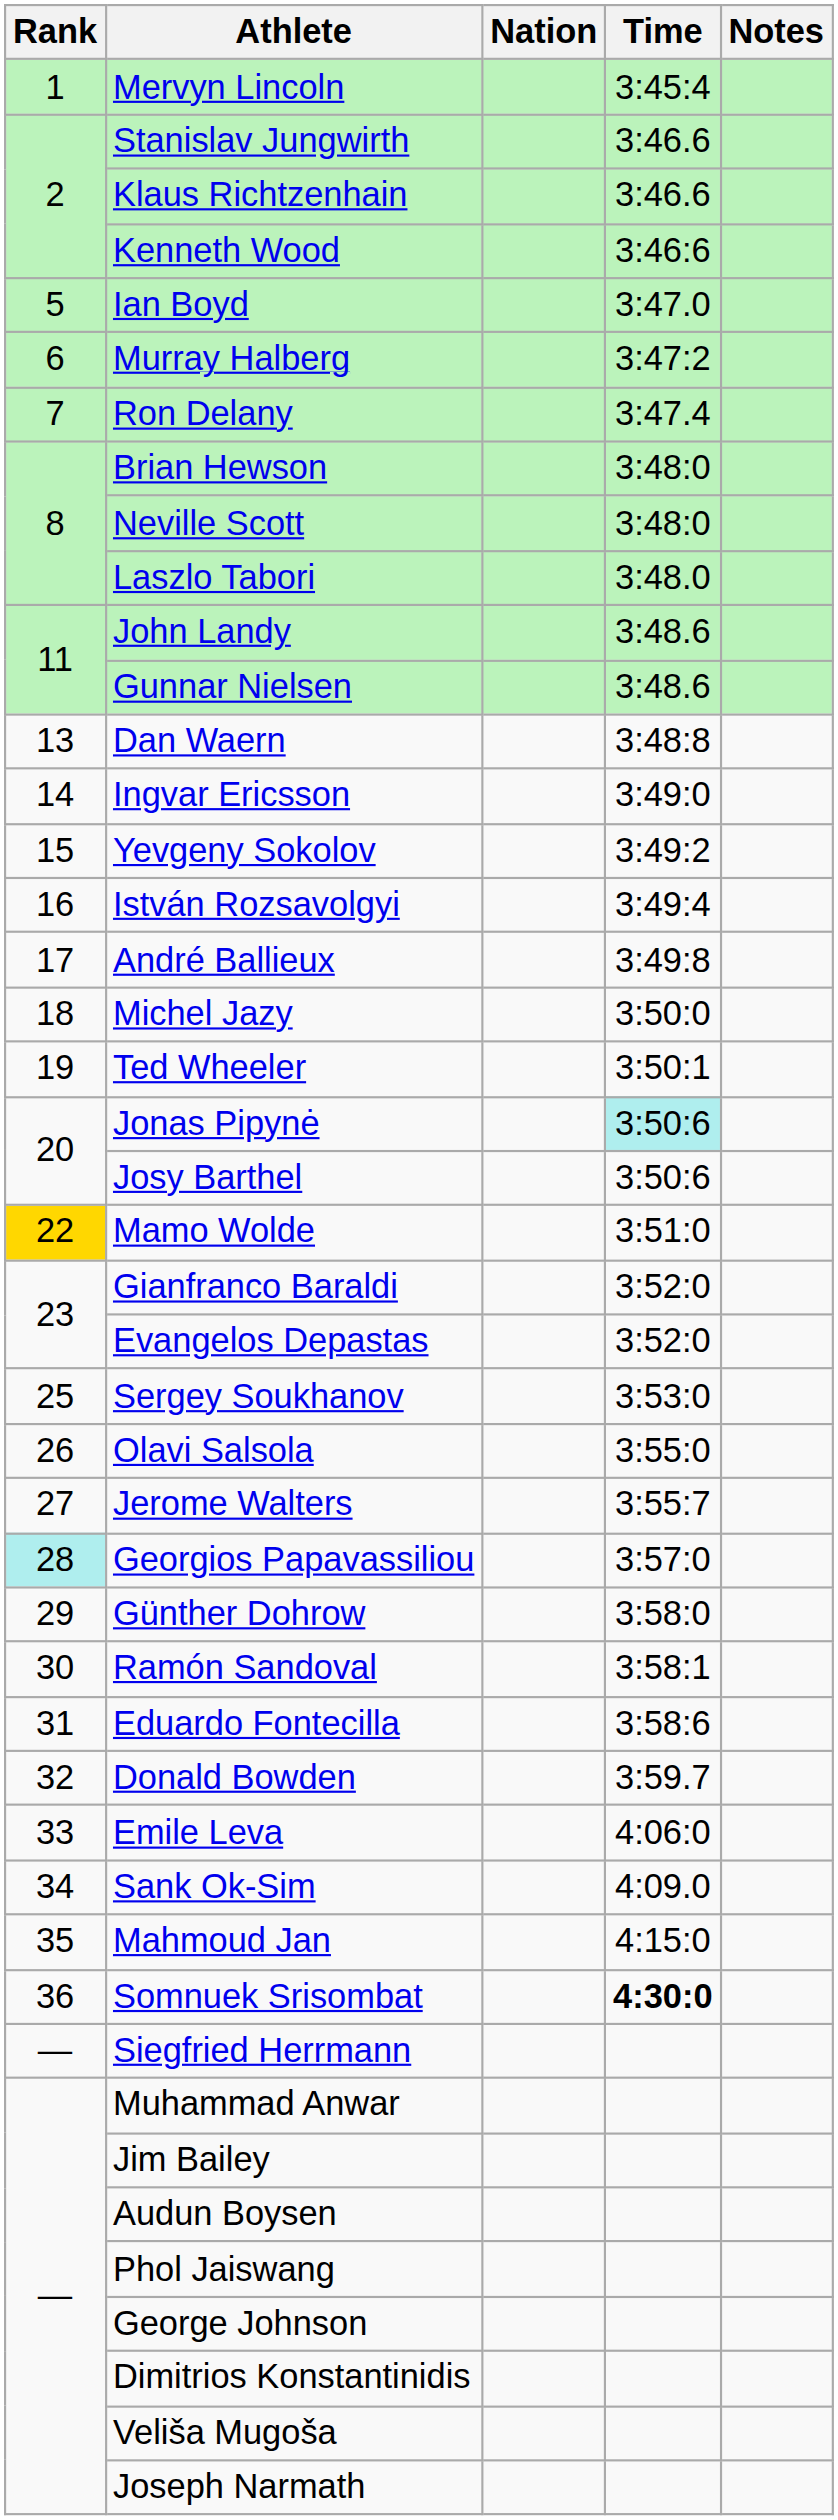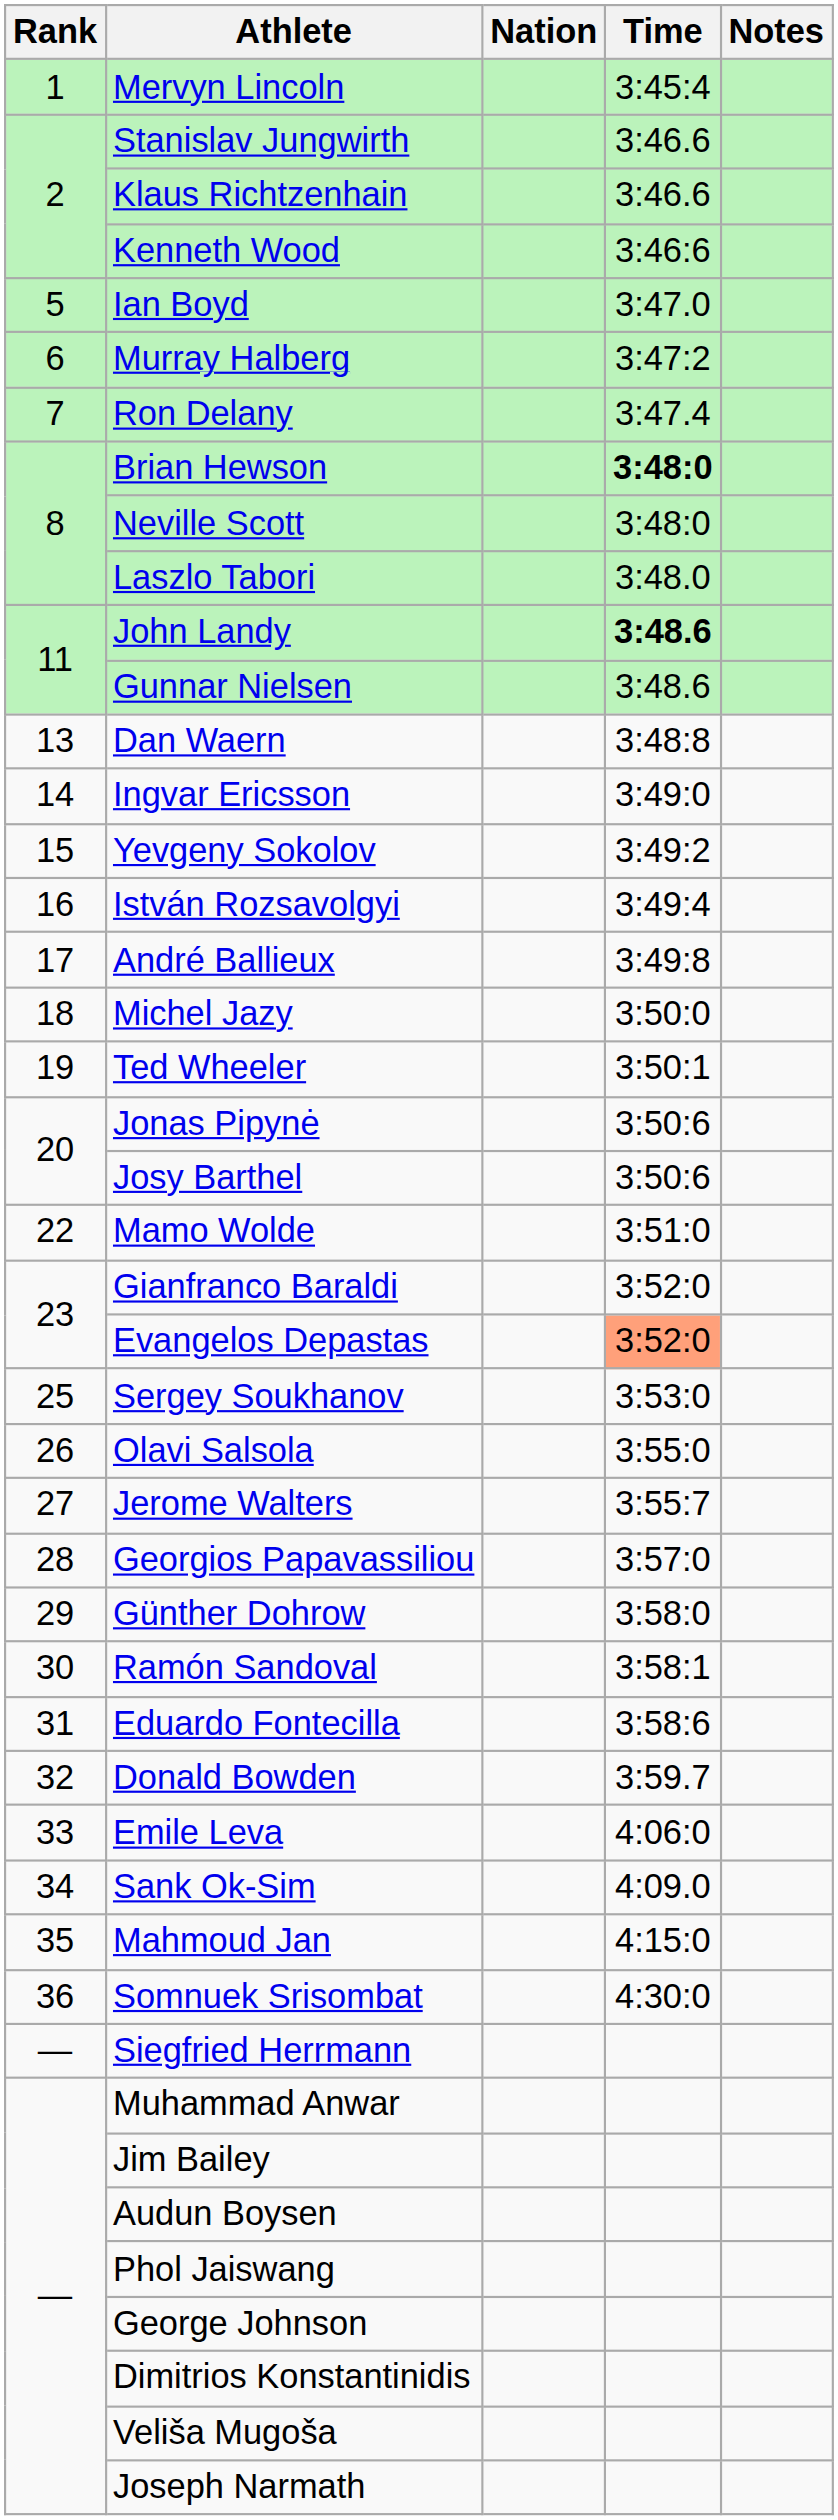 <table class="wikitable sortable" style="text-align:center">
 <tr>
 <th>Rank</th>
 <th>Athlete</th>
 <th>Nation</th>
 <th>Time</th>
 <th>Notes</th>
 </tr>
 <tr bgcolor=bbf3bb>
 <td>1</td>
 <td align=left><a href='#'>Mervyn Lincoln</a></td>
 <td align=left></td>
 <td>3:45:4</td>
 <td></td>
 </tr>
 <tr bgcolor=bbf3bb>
 <td rowspan=3>2</td>
 <td align=left><a href='#'>Stanislav Jungwirth</a></td>
 <td align=left></td>
 <td>3:46.6</td>
 <td></td>
 </tr>
 <tr bgcolor=bbf3bb>
 <td align=left><a href='#'>Klaus Richtzenhain</a></td>
 <td align=left></td>
 <td>3:46.6</td>
 <td></td>
 </tr>
 <tr bgcolor=bbf3bb>
 <td align=left><a href='#'>Kenneth Wood</a></td>
 <td align=left></td>
 <td>3:46:6</td>
 <td></td>
 </tr>
 <tr bgcolor=bbf3bb>
 <td>5</td>
 <td align=left><a href='#'>Ian Boyd</a></td>
 <td align=left></td>
 <td>3:47.0</td>
 <td></td>
 </tr>
 <tr bgcolor=bbf3bb>
 <td>6</td>
 <td align=left><a href='#'>Murray Halberg</a></td>
 <td align=left></td>
 <td>3:47:2</td>
 <td></td>
 </tr>
 <tr bgcolor=bbf3bb>
 <td>7</td>
 <td align=left><a href='#'>Ron Delany</a></td>
 <td align=left></td>
 <td>3:47.4</td>
 <td></td>
 </tr>
 <tr bgcolor=bbf3bb>
 <td rowspan=3>8</td>
 <td align=left><a href='#'>Brian Hewson</a></td>
 <td align=left></td>
-<td>3:48:0</td>
+<td><strong>3:48:0</strong></td>
 <td></td>
 </tr>
 <tr bgcolor=bbf3bb>
 <td align=left><a href='#'>Neville Scott</a></td>
 <td align=left></td>
 <td>3:48:0</td>
 <td></td>
 </tr>
 <tr bgcolor=bbf3bb>
 <td align=left><a href='#'>Laszlo Tabori</a></td>
 <td align=left></td>
 <td>3:48.0</td>
 <td></td>
 </tr>
 <tr bgcolor=bbf3bb>
 <td rowspan=2>11</td>
 <td align=left><a href='#'>John Landy</a></td>
 <td align=left></td>
-<td>3:48.6</td>
+<td><strong>3:48.6</strong></td>
 <td></td>
 </tr>
 <tr bgcolor=bbf3bb>
 <td align=left><a href='#'>Gunnar Nielsen</a></td>
 <td align=left></td>
 <td>3:48.6</td>
 <td></td>
 </tr>
 <tr>
 <td>13</td>
 <td align=left><a href='#'>Dan Waern</a></td>
 <td align=left></td>
 <td>3:48:8</td>
 <td></td>
 </tr>
 <tr>
 <td>14</td>
 <td align=left><a href='#'>Ingvar Ericsson</a></td>
 <td align=left></td>
 <td>3:49:0</td>
 <td></td>
 </tr>
 <tr>
 <td>15</td>
 <td align=left><a href='#'>Yevgeny Sokolov</a></td>
 <td align=left></td>
 <td>3:49:2</td>
 <td></td>
 </tr>
 <tr>
 <td>16</td>
 <td align=left><a href='#'>István Rozsavolgyi</a></td>
 <td align=left></td>
 <td>3:49:4</td>
 <td></td>
 </tr>
 <tr>
 <td>17</td>
 <td align=left><a href='#'>André Ballieux</a></td>
 <td align=left></td>
 <td>3:49:8</td>
 <td></td>
 </tr>
 <tr>
 <td>18</td>
 <td align=left><a href='#'>Michel Jazy</a></td>
 <td align=left></td>
 <td>3:50:0</td>
 <td></td>
 </tr>
 <tr>
 <td>19</td>
 <td align=left><a href='#'>Ted Wheeler</a></td>
 <td align=left></td>
 <td>3:50:1</td>
 <td></td>
 </tr>
 <tr>
 <td rowspan=2>20</td>
 <td align=left><a href='#'>Jonas Pipynė</a></td>
 <td align=left></td>
-<td style="background: paleturquoise;">3:50:6</td>
+<td>3:50:6</td>
 <td></td>
 </tr>
 <tr>
 <td align=left><a href='#'>Josy Barthel</a></td>
 <td align=left></td>
 <td>3:50:6</td>
 <td></td>
 </tr>
 <tr>
-<td style="background: gold;">22</td>
+<td>22</td>
 <td align=left><a href='#'>Mamo Wolde</a></td>
 <td align=left></td>
 <td>3:51:0</td>
 <td></td>
 </tr>
 <tr>
 <td rowspan=2>23</td>
 <td align=left><a href='#'>Gianfranco Baraldi</a></td>
 <td align=left></td>
 <td>3:52:0</td>
 <td></td>
 </tr>
 <tr>
 <td align=left><a href='#'>Evangelos Depastas</a></td>
 <td align=left></td>
-<td>3:52:0</td>
+<td style="background: lightsalmon;">3:52:0</td>
 <td></td>
 </tr>
 <tr>
 <td>25</td>
 <td align=left><a href='#'>Sergey Soukhanov</a></td>
 <td align=left></td>
 <td>3:53:0</td>
 <td></td>
 </tr>
 <tr>
 <td>26</td>
 <td align=left><a href='#'>Olavi Salsola</a></td>
 <td align=left></td>
 <td>3:55:0</td>
 <td></td>
 </tr>
 <tr>
 <td>27</td>
 <td align=left><a href='#'>Jerome Walters</a></td>
 <td align=left></td>
 <td>3:55:7</td>
 <td></td>
 </tr>
 <tr>
-<td style="background: paleturquoise;">28</td>
+<td>28</td>
 <td align=left><a href='#'>Georgios Papavassiliou</a></td>
 <td align=left></td>
 <td>3:57:0</td>
 <td></td>
 </tr>
 <tr>
 <td>29</td>
 <td align=left><a href='#'>Günther Dohrow</a></td>
 <td align=left></td>
 <td>3:58:0</td>
 <td></td>
 </tr>
 <tr>
 <td>30</td>
 <td align=left><a href='#'>Ramón Sandoval</a></td>
 <td align=left></td>
 <td>3:58:1</td>
 <td></td>
 </tr>
 <tr>
 <td>31</td>
 <td align=left><a href='#'>Eduardo Fontecilla</a></td>
 <td align=left></td>
 <td>3:58:6</td>
 <td></td>
 </tr>
 <tr>
 <td>32</td>
 <td align=left><a href='#'>Donald Bowden</a></td>
 <td align=left></td>
 <td>3:59.7</td>
 <td></td>
 </tr>
 <tr>
 <td>33</td>
 <td align=left><a href='#'>Emile Leva</a></td>
 <td align=left></td>
 <td>4:06:0</td>
 <td></td>
 </tr>
 <tr>
 <td>34</td>
 <td align=left><a href='#'>Sank Ok-Sim</a></td>
 <td align=left></td>
 <td>4:09.0</td>
 <td></td>
 </tr>
 <tr>
 <td>35</td>
 <td align=left><a href='#'>Mahmoud Jan</a></td>
 <td align=left></td>
 <td>4:15:0</td>
 <td></td>
 </tr>
 <tr>
 <td>36</td>
 <td align=left><a href='#'>Somnuek Srisombat</a></td>
 <td align=left></td>
-<td><strong>4:30:0</strong></td>
+<td>4:30:0</td>
 <td></td>
 </tr>
 <tr>
 <td data-sort-value=37>—</td>
 <td align=left><a href='#'>Siegfried Herrmann</a></td>
 <td align=left></td>
 <td></td>
 <td></td>
 </tr>
 <tr>
 <td rowspan=8 data-sort-value=12>—</td>
 <td align=left>Muhammad Anwar</td>
 <td align=left></td>
 <td></td>
 <td></td>
 </tr>
 <tr>
 <td align=left>Jim Bailey</td>
 <td align=left></td>
 <td></td>
 <td></td>
 </tr>
 <tr>
 <td align=left>Audun Boysen</td>
 <td align=left></td>
 <td></td>
 <td></td>
 </tr>
 <tr>
 <td align=left>Phol Jaiswang</td>
 <td align=left></td>
 <td></td>
 <td></td>
 </tr>
 <tr>
 <td align=left>George Johnson</td>
 <td align=left></td>
 <td></td>
 <td></td>
 </tr>
 <tr>
 <td align=left>Dimitrios Konstantinidis</td>
 <td align=left></td>
 <td></td>
 <td></td>
 </tr>
 <tr>
 <td align=left>Veliša Mugoša</td>
 <td align=left></td>
 <td></td>
 <td></td>
 </tr>
 <tr>
 <td align=left>Joseph Narmath</td>
 <td align=left></td>
 <td></td>
 <td></td>
 </tr>
 </table>
